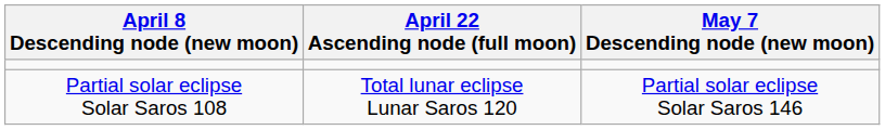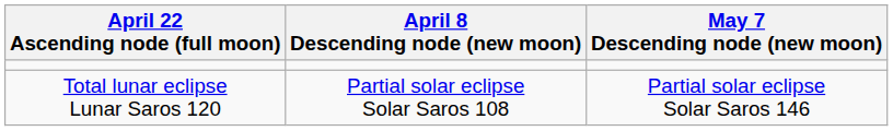 <table class="wikitable">
 <tr>
+<th><a href='#'>April 22</a><br>Ascending node (full moon)</th>
 <th><a href='#'>April 8</a><br>Descending node (new moon)</th>
-<th><a href='#'>April 22</a><br>Ascending node (full moon)</th>
 <th><a href='#'>May 7</a><br>Descending node (new moon)</th>
 </tr>
 <tr>
 <td></td>
 <td></td>
 <td></td>
 </tr>
 <tr align=center>
+<td><a href='#'>Total lunar eclipse</a><br>Lunar Saros 120</td>
 <td><a href='#'>Partial solar eclipse</a><br>Solar Saros 108</td>
-<td><a href='#'>Total lunar eclipse</a><br>Lunar Saros 120</td>
 <td><a href='#'>Partial solar eclipse</a><br>Solar Saros 146</td>
 </tr>
 </table>
